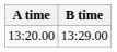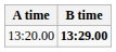 <table class="wikitable" border="1" align="upright">
 <tr>
 <th>A time</th>
 <th>B time</th>
 </tr>
 <tr>
 <td>13:20.00</td>
-<td>13:29.00</td>
+<td><strong>13:29.00</strong></td>
 </tr>
 </table>
